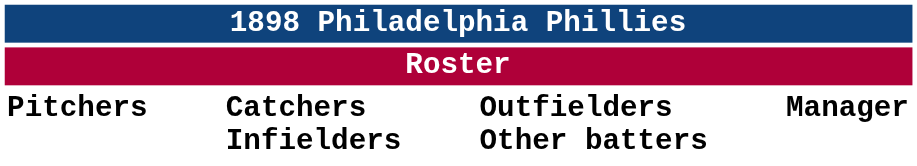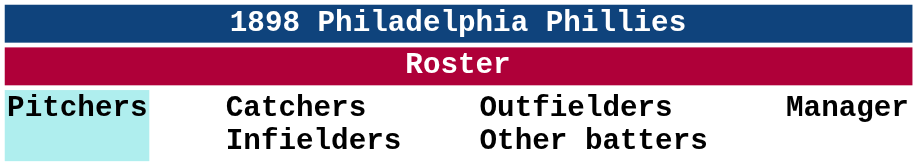 <table class="toccolours" style="font-size: 95%;">
 <tr>
 <th colspan="10" style="background-color: #0f437c; color: white; text-align: center;">1898 Philadelphia Phillies</th>
 </tr>
 <tr>
 <td colspan="10" style="background-color: #af0039; color: white; text-align: center;"><strong>Roster</strong></td>
 </tr>
 <tr>
-<td valign="top"><strong>Pitchers</strong><br>         </td>
+<td valign="top" style="background: paleturquoise;"><strong>Pitchers</strong><br>         </td>
 <td width="25px"></td>
 <td valign="top"><strong>Catchers</strong><br>   <strong>Infielders</strong>       </td>
 <td width="25px"></td>
 <td valign="top"><strong>Outfielders</strong><br>     <strong>Other batters</strong> </td>
 <td width="25px"></td>
 <td valign="top"><strong>Manager</strong><br> </td>
 </tr>
 </table>
